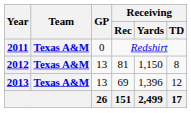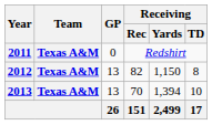 <table class="wikitable" style="text-align:center;">
 <tr>
 <th rowspan="2">Year</th>
 <th rowspan="2">Team</th>
 <th rowspan="2">GP</th>
 <th colspan="3">Receiving</th>
 </tr>
 <tr>
 <th>Rec</th>
 <th>Yards</th>
 <th>TD</th>
 </tr>
 <tr>
 <th><a href='#'>2011</a></th>
 <th><a href='#'>Texas A&M</a></th>
 <td>0</td>
 <td colspan="3"> <em><a href='#'>Redshirt</a></em></td>
 </tr>
 <tr>
 <th><a href='#'>2012</a></th>
 <th><a href='#'>Texas A&M</a></th>
 <td>13</td>
-<td>81</td>
+<td>82</td>
 <td>1,150</td>
 <td>8</td>
 </tr>
 <tr>
 <th><a href='#'>2013</a></th>
 <th><a href='#'>Texas A&M</a></th>
 <td>13</td>
-<td>69</td>
-<td>1,396</td>
-<td>12</td>
+<td>70</td>
+<td>1,394</td>
+<td>10</td>
 </tr>
 <tr>
 <th colspan="2"></th>
 <th>26</th>
 <th>151</th>
 <th>2,499</th>
 <th>17</th>
 </tr>
 </table>
